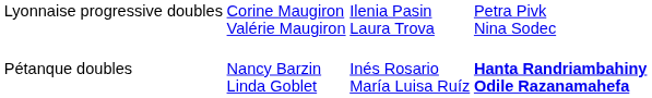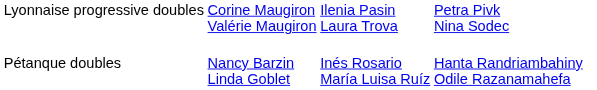 <table>
 <tr>
 <td>Lyonnaise progressive doubles<br></td>
 <td><br><a href='#'>Corine Maugiron</a><br><a href='#'>Valérie Maugiron</a></td>
 <td><br><a href='#'>Ilenia Pasin</a><br><a href='#'>Laura Trova</a></td>
 <td><br><a href='#'>Petra Pivk</a><br><a href='#'>Nina Sodec</a></td>
 </tr>
 <tr>
 <td>Pétanque doubles<br></td>
 <td><br><a href='#'>Nancy Barzin</a><br><a href='#'>Linda Goblet</a></td>
 <td><br><a href='#'>Inés Rosario</a><br><a href='#'>María Luisa Ruíz</a></td>
-<td><strong><br><a href='#'>Hanta Randriambahiny</a><br><a href='#'>Odile Razanamahefa</a></strong></td>
+<td><br><a href='#'>Hanta Randriambahiny</a><br><a href='#'>Odile Razanamahefa</a></td>
 </tr>
 </table>
